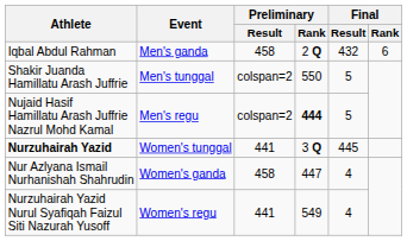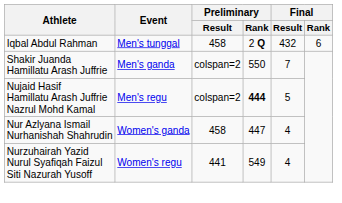 <table class=wikitable style=font-size:90%;text-align:center>
 <tr>
 <th rowspan="2">Athlete</th>
 <th rowspan="2">Event</th>
 <th colspan="2">Preliminary</th>
 <th colspan="2">Final</th>
 </tr>
 <tr style="font-size:95%">
 <th>Result</th>
 <th>Rank</th>
 <th>Result</th>
 <th>Rank</th>
 </tr>
 <tr>
 <td align=left>Iqbal Abdul Rahman</td>
-<td align=left><a href='#'>Men's ganda</a></td>
+<td align=left><a href='#'>Men's tunggal</a></td>
 <td>458</td>
 <td>2 <strong>Q</strong></td>
 <td>432</td>
 <td>6</td>
 </tr>
 <tr>
 <td align=left>Shakir Juanda<br>Hamillatu Arash Juffrie</td>
-<td align=left><a href='#'>Men's tunggal</a></td>
+<td align=left><a href='#'>Men's ganda</a></td>
 <td>colspan=2 </td>
 <td>550</td>
-<td>5</td>
+<td>7</td>
 </tr>
 <tr>
 <td align=left>Nujaid Hasif<br>Hamillatu Arash Juffrie<br>Nazrul Mohd Kamal</td>
 <td align=left><a href='#'>Men's regu</a></td>
 <td>colspan=2 </td>
 <td><strong>444</strong></td>
 <td>5</td>
-</tr>
-<tr>
-<td align=left><strong>Nurzuhairah Yazid</strong></td>
-<td align=left><a href='#'>Women's tunggal</a></td>
-<td>441</td>
-<td>3 <strong>Q</strong></td>
-<td>445</td>
-<td></td>
 </tr>
 <tr>
 <td align=left>Nur Azlyana Ismail<br>Nurhanishah Shahrudin</td>
 <td align=left><a href='#'>Women's ganda</a></td>
 <td>458</td>
 <td>447</td>
 <td>4</td>
 </tr>
 <tr>
 <td align=left>Nurzuhairah Yazid<br>Nurul Syafiqah Faizul<br>Siti Nazurah Yusoff</td>
 <td align=left><a href='#'>Women's regu</a></td>
 <td>441</td>
 <td>549</td>
 <td>4</td>
 </tr>
 </table>
